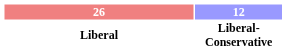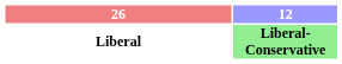 <table style="width:60%; text-align:center;">
 <tr style="color:white;">
 <td style="background:#F08080; width:68.42%;"><strong>26</strong></td>
 <td style="background:#9999FF; width:31.58%;"><strong>12</strong></td>
 </tr>
 <tr>
 <td><span><strong>Liberal</strong></span></td>
-<td><span><strong>Liberal-Conservative</strong></span></td>
+<td style="background: lightgreen;"><span><strong>Liberal-Conservative</strong></span></td>
 </tr>
 </table>
